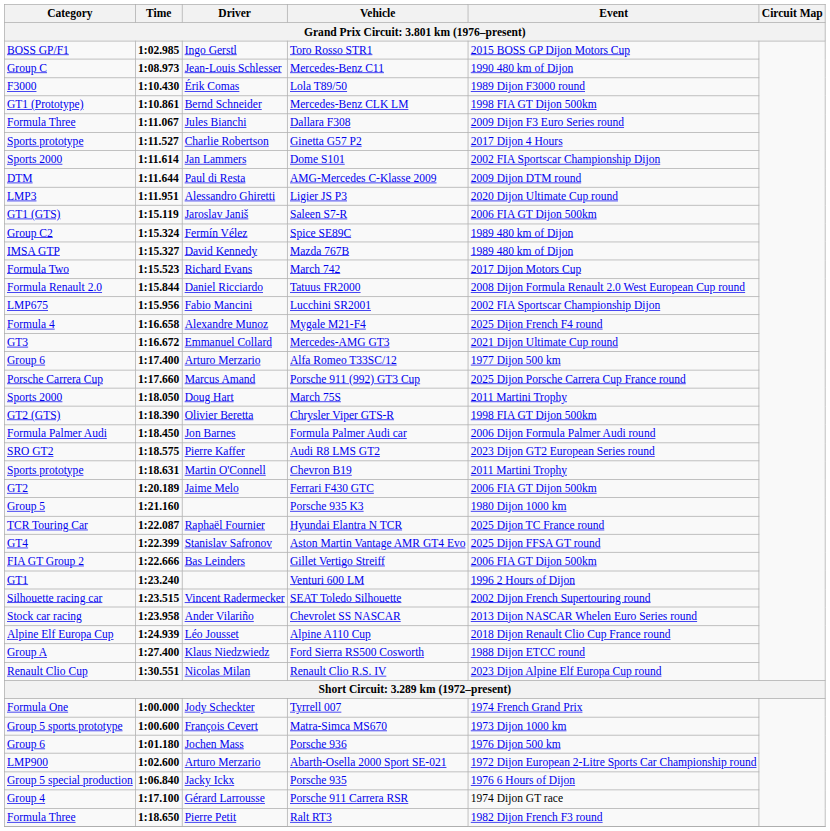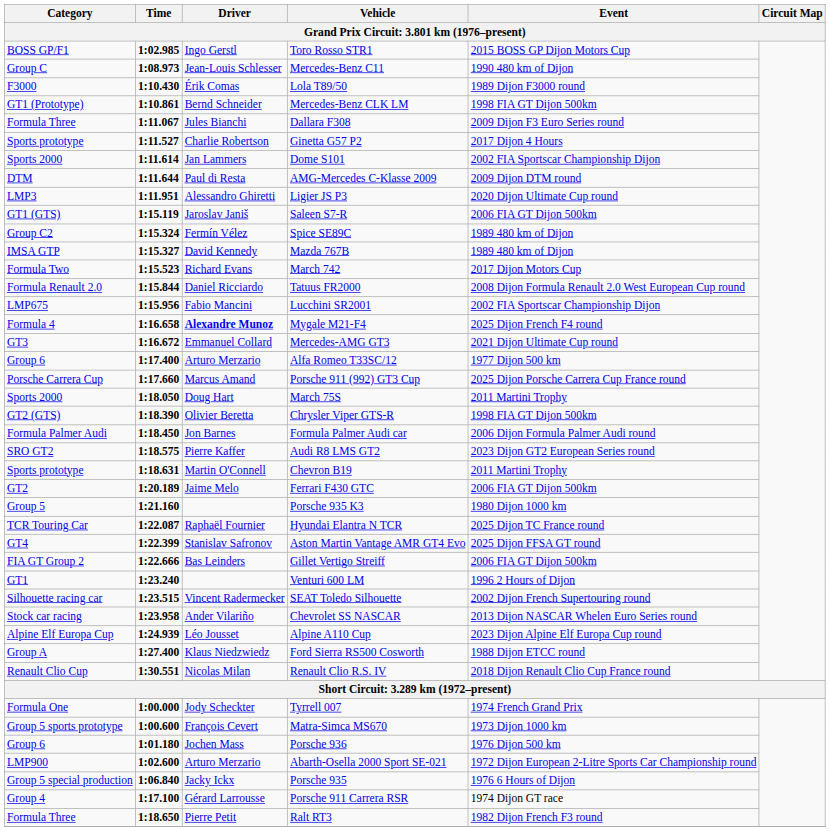 <table class="wikitable">
 <tr>
 <th>Category</th>
 <th>Time</th>
 <th>Driver</th>
 <th>Vehicle</th>
 <th>Event</th>
 <th>Circuit Map</th>
 </tr>
 <tr>
 <th colspan=6>Grand Prix Circuit: 3.801 km (1976–present)</th>
 </tr>
 <tr>
 <td><a href='#'>BOSS GP/F1</a></td>
 <td><strong>1:02.985</strong></td>
 <td><a href='#'>Ingo Gerstl</a></td>
 <td><a href='#'>Toro Rosso STR1</a></td>
 <td><a href='#'>2015 BOSS GP Dijon Motors Cup</a></td>
 <td rowspan="35"></td>
 </tr>
 <tr>
 <td><a href='#'>Group C</a></td>
 <td><strong>1:08.973</strong></td>
 <td><a href='#'>Jean-Louis Schlesser</a></td>
 <td><a href='#'>Mercedes-Benz C11</a></td>
 <td><a href='#'>1990 480 km of Dijon</a></td>
 </tr>
 <tr>
 <td><a href='#'>F3000</a></td>
 <td><strong>1:10.430</strong></td>
 <td><a href='#'>Érik Comas</a></td>
 <td><a href='#'>Lola T89/50</a></td>
 <td><a href='#'>1989 Dijon F3000 round</a></td>
 </tr>
 <tr>
 <td><a href='#'>GT1 (Prototype)</a></td>
 <td><strong>1:10.861</strong></td>
 <td><a href='#'>Bernd Schneider</a></td>
 <td><a href='#'>Mercedes-Benz CLK LM</a></td>
 <td><a href='#'>1998 FIA GT Dijon 500km</a></td>
 </tr>
 <tr>
 <td><a href='#'>Formula Three</a></td>
 <td><strong>1:11.067</strong></td>
 <td><a href='#'>Jules Bianchi</a></td>
 <td><a href='#'>Dallara F308</a></td>
 <td><a href='#'>2009 Dijon F3 Euro Series round</a></td>
 </tr>
 <tr>
 <td><a href='#'>Sports prototype</a></td>
 <td><strong>1:11.527</strong></td>
 <td><a href='#'>Charlie Robertson</a></td>
 <td><a href='#'>Ginetta G57 P2</a></td>
 <td><a href='#'>2017 Dijon 4 Hours</a></td>
 </tr>
 <tr>
 <td><a href='#'>Sports 2000</a></td>
 <td><strong>1:11.614</strong></td>
 <td><a href='#'>Jan Lammers</a></td>
 <td><a href='#'>Dome S101</a></td>
 <td><a href='#'>2002 FIA Sportscar Championship Dijon</a></td>
 </tr>
 <tr>
 <td><a href='#'>DTM</a></td>
 <td><strong>1:11.644</strong></td>
 <td><a href='#'>Paul di Resta</a></td>
 <td><a href='#'>AMG-Mercedes C-Klasse 2009</a></td>
 <td><a href='#'>2009 Dijon DTM round</a></td>
 </tr>
 <tr>
 <td><a href='#'>LMP3</a></td>
 <td><strong>1:11.951</strong></td>
 <td><a href='#'>Alessandro Ghiretti</a></td>
 <td><a href='#'>Ligier JS P3</a></td>
 <td><a href='#'>2020 Dijon Ultimate Cup round</a></td>
 </tr>
 <tr>
 <td><a href='#'>GT1 (GTS)</a></td>
 <td><strong>1:15.119</strong></td>
 <td><a href='#'>Jaroslav Janiš</a></td>
 <td><a href='#'>Saleen S7-R</a></td>
 <td><a href='#'>2006 FIA GT Dijon 500km</a></td>
 </tr>
 <tr>
 <td><a href='#'>Group C2</a></td>
 <td><strong>1:15.324</strong></td>
 <td><a href='#'>Fermín Vélez</a></td>
 <td><a href='#'>Spice SE89C</a></td>
 <td><a href='#'>1989 480 km of Dijon</a></td>
 </tr>
 <tr>
 <td><a href='#'>IMSA GTP</a></td>
 <td><strong>1:15.327</strong></td>
 <td><a href='#'>David Kennedy</a></td>
 <td><a href='#'>Mazda 767B</a></td>
 <td><a href='#'>1989 480 km of Dijon</a></td>
 </tr>
 <tr>
 <td><a href='#'>Formula Two</a></td>
 <td><strong>1:15.523</strong></td>
 <td><a href='#'>Richard Evans</a></td>
 <td><a href='#'>March 742</a></td>
 <td><a href='#'>2017 Dijon Motors Cup</a></td>
 </tr>
 <tr>
 <td><a href='#'>Formula Renault 2.0</a></td>
 <td><strong>1:15.844</strong></td>
 <td><a href='#'>Daniel Ricciardo</a></td>
 <td><a href='#'>Tatuus FR2000</a></td>
 <td><a href='#'>2008 Dijon Formula Renault 2.0 West European Cup round</a></td>
 </tr>
 <tr>
 <td><a href='#'>LMP675</a></td>
 <td><strong>1:15.956</strong></td>
 <td><a href='#'>Fabio Mancini</a></td>
 <td><a href='#'>Lucchini SR2001</a></td>
 <td><a href='#'>2002 FIA Sportscar Championship Dijon</a></td>
 </tr>
 <tr>
 <td><a href='#'>Formula 4</a></td>
 <td><strong>1:16.658</strong></td>
-<td><a href='#'>Alexandre Munoz</a></td>
+<td><strong><a href='#'>Alexandre Munoz</a></strong></td>
 <td><a href='#'>Mygale M21-F4</a></td>
 <td><a href='#'>2025 Dijon French F4 round</a></td>
 </tr>
 <tr>
 <td><a href='#'>GT3</a></td>
 <td><strong>1:16.672</strong></td>
 <td><a href='#'>Emmanuel Collard</a></td>
 <td><a href='#'>Mercedes-AMG GT3</a></td>
 <td><a href='#'>2021 Dijon Ultimate Cup round</a></td>
 </tr>
 <tr>
 <td><a href='#'>Group 6</a></td>
 <td><strong>1:17.400</strong></td>
 <td><a href='#'>Arturo Merzario</a></td>
 <td><a href='#'>Alfa Romeo T33SC/12</a></td>
 <td><a href='#'>1977 Dijon 500 km</a></td>
 </tr>
 <tr>
 <td><a href='#'>Porsche Carrera Cup</a></td>
 <td><strong>1:17.660</strong></td>
 <td><a href='#'>Marcus Amand</a></td>
 <td><a href='#'>Porsche 911 (992) GT3 Cup</a></td>
 <td><a href='#'>2025 Dijon Porsche Carrera Cup France round</a></td>
 </tr>
 <tr>
 <td><a href='#'>Sports 2000</a></td>
 <td><strong>1:18.050</strong></td>
 <td><a href='#'>Doug Hart</a></td>
 <td><a href='#'>March 75S</a></td>
 <td><a href='#'>2011 Martini Trophy</a></td>
 </tr>
 <tr>
 <td><a href='#'>GT2 (GTS)</a></td>
 <td><strong>1:18.390</strong></td>
 <td><a href='#'>Olivier Beretta</a></td>
 <td><a href='#'>Chrysler Viper GTS-R</a></td>
 <td><a href='#'>1998 FIA GT Dijon 500km</a></td>
 </tr>
 <tr>
 <td><a href='#'>Formula Palmer Audi</a></td>
 <td><strong>1:18.450</strong></td>
 <td><a href='#'>Jon Barnes</a></td>
 <td><a href='#'>Formula Palmer Audi car</a></td>
 <td><a href='#'>2006 Dijon Formula Palmer Audi round</a></td>
 </tr>
 <tr>
 <td><a href='#'>SRO GT2</a></td>
 <td><strong>1:18.575</strong></td>
 <td><a href='#'>Pierre Kaffer</a></td>
 <td><a href='#'>Audi R8 LMS GT2</a></td>
 <td><a href='#'>2023 Dijon GT2 European Series round</a></td>
 </tr>
 <tr>
 <td><a href='#'>Sports prototype</a></td>
 <td><strong>1:18.631</strong></td>
 <td><a href='#'>Martin O'Connell</a></td>
 <td><a href='#'>Chevron B19</a></td>
 <td><a href='#'>2011 Martini Trophy</a></td>
 </tr>
 <tr>
 <td><a href='#'>GT2</a></td>
 <td><strong>1:20.189</strong></td>
 <td><a href='#'>Jaime Melo</a></td>
 <td><a href='#'>Ferrari F430 GTC</a></td>
 <td><a href='#'>2006 FIA GT Dijon 500km</a></td>
 </tr>
 <tr>
 <td><a href='#'>Group 5</a></td>
 <td><strong>1:21.160</strong></td>
 <td></td>
 <td><a href='#'>Porsche 935 K3</a></td>
 <td><a href='#'>1980 Dijon 1000 km</a></td>
 </tr>
 <tr>
 <td><a href='#'>TCR Touring Car</a></td>
 <td><strong>1:22.087</strong></td>
 <td><a href='#'>Raphaël Fournier</a></td>
 <td><a href='#'>Hyundai Elantra N TCR</a></td>
 <td><a href='#'>2025 Dijon TC France round</a></td>
 </tr>
 <tr>
 <td><a href='#'>GT4</a></td>
 <td><strong>1:22.399</strong></td>
 <td><a href='#'>Stanislav Safronov</a></td>
 <td><a href='#'>Aston Martin Vantage AMR GT4 Evo</a></td>
 <td><a href='#'>2025 Dijon FFSA GT round</a></td>
 </tr>
 <tr>
 <td><a href='#'>FIA GT Group 2</a></td>
 <td><strong>1:22.666</strong></td>
 <td><a href='#'>Bas Leinders</a></td>
 <td><a href='#'>Gillet Vertigo Streiff</a></td>
 <td><a href='#'>2006 FIA GT Dijon 500km</a></td>
 </tr>
 <tr>
 <td><a href='#'>GT1</a></td>
 <td><strong>1:23.240</strong></td>
 <td></td>
 <td><a href='#'>Venturi 600 LM</a></td>
 <td><a href='#'>1996 2 Hours of Dijon</a></td>
 </tr>
 <tr>
 <td><a href='#'>Silhouette racing car</a></td>
 <td><strong>1:23.515</strong></td>
 <td><a href='#'>Vincent Radermecker</a></td>
 <td><a href='#'>SEAT Toledo Silhouette</a></td>
 <td><a href='#'>2002 Dijon French Supertouring round</a></td>
 </tr>
 <tr>
 <td><a href='#'>Stock car racing</a></td>
 <td><strong>1:23.958</strong></td>
 <td><a href='#'>Ander Vilariño</a></td>
 <td><a href='#'>Chevrolet SS NASCAR</a></td>
 <td><a href='#'>2013 Dijon NASCAR Whelen Euro Series round</a></td>
 </tr>
 <tr>
 <td><a href='#'>Alpine Elf Europa Cup</a></td>
 <td><strong>1:24.939</strong></td>
 <td><a href='#'>Léo Jousset</a></td>
 <td><a href='#'>Alpine A110 Cup</a></td>
-<td><a href='#'>2018 Dijon Renault Clio Cup France round</a></td>
+<td><a href='#'>2023 Dijon Alpine Elf Europa Cup round</a></td>
 </tr>
 <tr>
 <td><a href='#'>Group A</a></td>
 <td><strong>1:27.400</strong></td>
 <td><a href='#'>Klaus Niedzwiedz</a></td>
 <td><a href='#'>Ford Sierra RS500 Cosworth</a></td>
 <td><a href='#'>1988 Dijon ETCC round</a></td>
 </tr>
 <tr>
 <td><a href='#'>Renault Clio Cup</a></td>
 <td><strong>1:30.551</strong></td>
 <td><a href='#'>Nicolas Milan</a></td>
 <td><a href='#'>Renault Clio R.S. IV</a></td>
-<td><a href='#'>2023 Dijon Alpine Elf Europa Cup round</a></td>
+<td><a href='#'>2018 Dijon Renault Clio Cup France round</a></td>
 </tr>
 <tr>
 <th colspan=6>Short Circuit: 3.289 km (1972–present)</th>
 </tr>
 <tr>
 <td><a href='#'>Formula One</a></td>
 <td><strong>1:00.000</strong></td>
 <td><a href='#'>Jody Scheckter</a></td>
 <td><a href='#'>Tyrrell 007</a></td>
 <td><a href='#'>1974 French Grand Prix</a></td>
 <td rowspan="7"></td>
 </tr>
 <tr>
 <td><a href='#'>Group 5 sports prototype</a></td>
 <td><strong>1:00.600</strong></td>
 <td><a href='#'>François Cevert</a></td>
 <td><a href='#'>Matra-Simca MS670</a></td>
 <td><a href='#'>1973 Dijon 1000 km</a></td>
 </tr>
 <tr>
 <td><a href='#'>Group 6</a></td>
 <td><strong>1:01.180</strong></td>
 <td><a href='#'>Jochen Mass</a></td>
 <td><a href='#'>Porsche 936</a></td>
 <td><a href='#'>1976 Dijon 500 km</a></td>
 </tr>
 <tr>
 <td><a href='#'>LMP900</a></td>
 <td><strong>1:02.600</strong></td>
 <td><a href='#'>Arturo Merzario</a></td>
 <td><a href='#'>Abarth-Osella 2000 Sport SE-021</a></td>
 <td><a href='#'>1972 Dijon European 2-Litre Sports Car Championship round</a></td>
 </tr>
 <tr>
 <td><a href='#'>Group 5 special production</a></td>
 <td><strong>1:06.840</strong></td>
 <td><a href='#'>Jacky Ickx</a></td>
 <td><a href='#'>Porsche 935</a></td>
 <td><a href='#'>1976 6 Hours of Dijon</a></td>
 </tr>
 <tr>
 <td><a href='#'>Group 4</a></td>
 <td><strong>1:17.100</strong></td>
 <td><a href='#'>Gérard Larrousse</a></td>
 <td><a href='#'>Porsche 911 Carrera RSR</a></td>
 <td>1974 Dijon GT race</td>
 </tr>
 <tr>
 <td><a href='#'>Formula Three</a></td>
 <td><strong>1:18.650</strong></td>
 <td><a href='#'>Pierre Petit</a></td>
 <td><a href='#'>Ralt RT3</a></td>
 <td><a href='#'>1982 Dijon French F3 round</a></td>
 </tr>
 <tr>
 </tr>
 </table>
